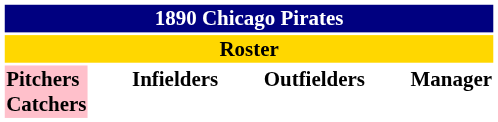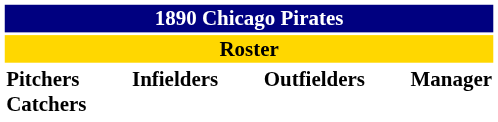 <table class="toccolours" style="font-size: 95%;">
 <tr>
 <th colspan="10" style="background-color: navy; color: white; text-align: center;">1890 Chicago Pirates</th>
 </tr>
 <tr>
 <td colspan="10" style="background-color: gold; color: black; text-align: center;"><strong>Roster</strong></td>
 </tr>
 <tr>
-<td valign="top" style="background: pink;"><strong>Pitchers</strong><br>    <strong>Catchers</strong>  </td>
+<td valign="top"><strong>Pitchers</strong><br>    <strong>Catchers</strong>  </td>
 <td width="25px"></td>
 <td valign="top"><strong>Infielders</strong><br>      </td>
 <td width="25px"></td>
 <td valign="top"><strong>Outfielders</strong><br>  </td>
 <td width="25px"></td>
 <td valign="top"><strong>Manager</strong><br></td>
 </tr>
 </table>
